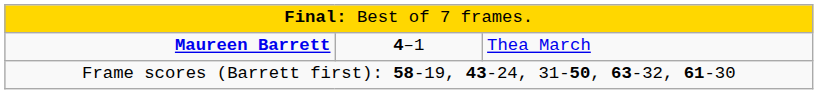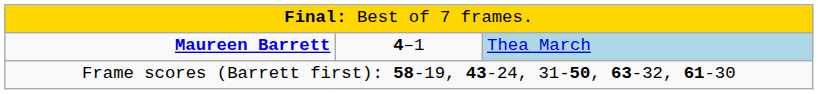 <table class="wikitable" style="font-size: 95%; margin: 1em auto 1em auto;">
 <tr>
 <td colspan="3" align="center" bgcolor="#ffd700"><strong>Final:</strong> Best of 7 frames.</td>
 </tr>
 <tr>
 <td width="230" align="right"><strong><a href='#'>Maureen Barrett</a></strong> <br></td>
 <td width="100" align="center"><strong>4</strong>–1</td>
-<td width="230"><a href='#'>Thea March</a> <br></td>
+<td width="230" style="background: lightblue;"><a href='#'>Thea March</a> <br></td>
 </tr>
 <tr>
 <td colspan=3; align=center>Frame scores (Barrett first): <strong>58</strong>-19, <strong>43</strong>-24, 31-<strong>50</strong>, <strong>63</strong>-32, <strong>61</strong>-30</td>
 </tr>
 </table>
